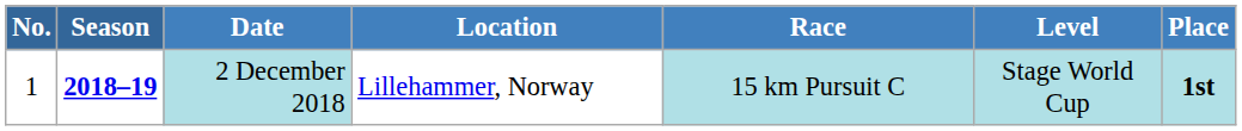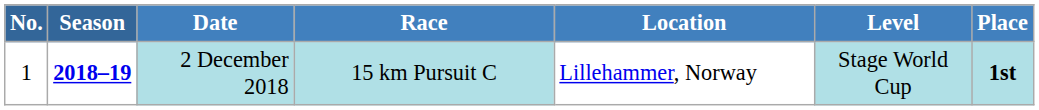 <table class="wikitable sortable" style="font-size:95%; text-align:center; border:grey solid 1px; border-collapse:collapse; background:#ffffff;">
 <tr style="background:#efefef;">
 <th style="background-color:#369; color:white;">No.</th>
 <th style="background-color:#369; color:white;">Season</th>
 <th style="background-color:#4180be; color:white; width:100px;">Date</th>
+<th style="background-color:#4180be; color:white; width:170px;">Race</th>
 <th style="background-color:#4180be; color:white; width:170px;">Location</th>
-<th style="background-color:#4180be; color:white; width:170px;">Race</th>
 <th style="background-color:#4180be; color:white; width:100px;">Level</th>
 <th style="background-color:#4180be; color:white;">Place</th>
 </tr>
 <tr>
 <td align=center>1</td>
 <td rowspan=1 align=center><strong><a href='#'>2018–19</a></strong></td>
 <td bgcolor="#BOEOE6" align=right>2 December 2018</td>
+<td bgcolor="#BOEOE6">15 km Pursuit C</td>
 <td align=left> <a href='#'>Lillehammer</a>, Norway</td>
-<td bgcolor="#BOEOE6">15 km Pursuit C</td>
 <td bgcolor="#BOEOE6">Stage World Cup</td>
 <td bgcolor="#BOEOE6"><strong>1st</strong></td>
 </tr>
 </table>
